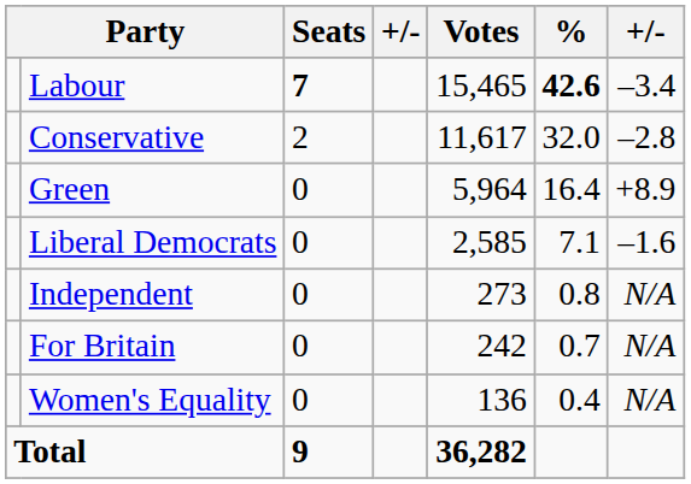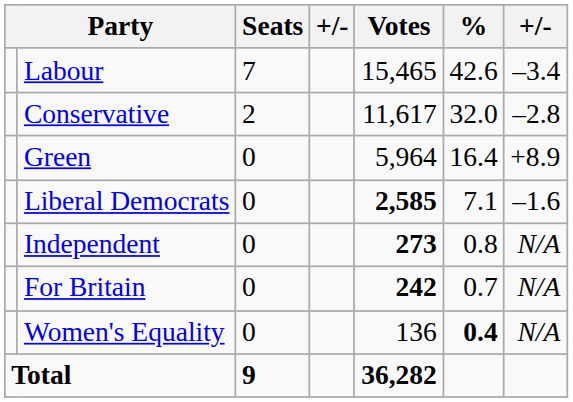 <table class="wikitable sortable">
 <tr>
 <th colspan="2">Party</th>
 <th>Seats</th>
 <th>+/-</th>
 <th>Votes</th>
 <th>%</th>
 <th>+/-</th>
 </tr>
 <tr>
 <td style="background-color: "></td>
 <td><a href='#'>Labour</a></td>
-<td><strong>7</strong></td>
+<td>7</td>
 <td></td>
 <td style="text-align:right;">15,465</td>
-<td style="text-align:right;"><strong>42.6</strong></td>
+<td style="text-align:right;">42.6</td>
 <td style="text-align:right;">–3.4</td>
 </tr>
 <tr>
 <td style="background-color: "></td>
 <td><a href='#'>Conservative</a></td>
 <td>2</td>
 <td></td>
 <td style="text-align:right;">11,617</td>
 <td style="text-align:right;">32.0</td>
 <td style="text-align:right;">–2.8</td>
 </tr>
 <tr>
 <td style="background-color: "></td>
 <td><a href='#'>Green</a></td>
 <td>0</td>
 <td></td>
 <td style="text-align:right;">5,964</td>
 <td style="text-align:right;">16.4</td>
 <td style="text-align:right;">+8.9</td>
 </tr>
 <tr>
 <td style="background-color: "></td>
 <td><a href='#'>Liberal Democrats</a></td>
 <td>0</td>
 <td></td>
-<td style="text-align:right;">2,585</td>
+<td style="text-align:right;"><strong>2,585</strong></td>
 <td style="text-align:right;">7.1</td>
 <td style="text-align:right;">–1.6</td>
 </tr>
 <tr>
 <td style="background-color: "></td>
 <td><a href='#'>Independent</a></td>
 <td>0</td>
 <td></td>
-<td style="text-align:right;">273</td>
+<td style="text-align:right;"><strong>273</strong></td>
 <td style="text-align:right;">0.8</td>
 <td style="text-align:right;"><em>N/A</em></td>
 </tr>
 <tr>
 <td style="background-color: "></td>
 <td><a href='#'>For Britain</a></td>
 <td>0</td>
 <td></td>
-<td style="text-align:right;">242</td>
+<td style="text-align:right;"><strong>242</strong></td>
 <td style="text-align:right;">0.7</td>
 <td style="text-align:right;"><em>N/A</em></td>
 </tr>
 <tr>
 <td style="background-color: "></td>
 <td><a href='#'>Women's Equality</a></td>
 <td>0</td>
 <td></td>
 <td style="text-align:right;">136</td>
-<td style="text-align:right;">0.4</td>
+<td style="text-align:right;"><strong>0.4</strong></td>
 <td style="text-align:right;"><em>N/A</em></td>
 </tr>
 <tr>
 <td colspan="2"><strong>Total</strong></td>
 <td><strong>9</strong></td>
 <td></td>
 <td style="text-align:right;"><strong>36,282</strong></td>
 <td style="text-align:right;"></td>
 <td style="text-align:right;"></td>
 </tr>
 </table>
